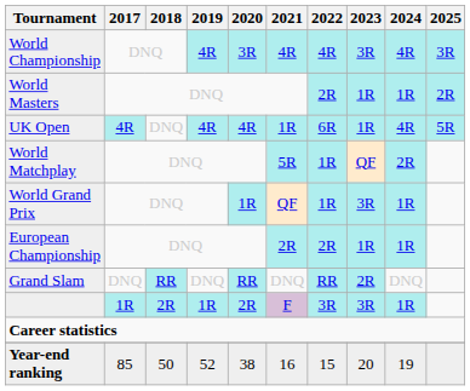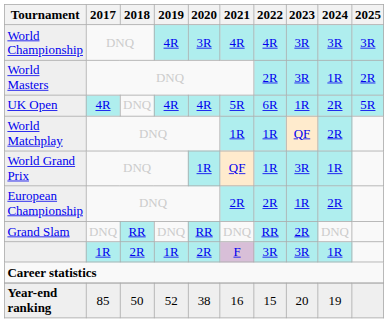 <table class="wikitable" style="width:30%">
 <tr>
 <th>Tournament</th>
 <th>2017</th>
 <th>2018</th>
 <th>2019</th>
 <th>2020</th>
 <th>2021</th>
 <th>2022</th>
 <th>2023</th>
 <th>2024</th>
 <th>2025</th>
 </tr>
 <tr>
 <td style="background:#efefef;"><a href='#'>World Championship</a></td>
 <td colspan="2" style="text-align:center; color:#ccc;">DNQ</td>
 <td style="text-align:center; background:#afeeee;"><a href='#'>4R</a></td>
 <td style="text-align:center; background:#afeeee;"><a href='#'>3R</a></td>
 <td style="text-align:center; background:#afeeee;"><a href='#'>4R</a></td>
 <td style="text-align:center; background:#afeeee;"><a href='#'>4R</a></td>
 <td style="text-align:center; background:#afeeee;"><a href='#'>3R</a></td>
-<td style="text-align:center; background:#afeeee;"><a href='#'>4R</a></td>
+<td style="text-align:center; background:#afeeee;"><a href='#'>3R</a></td>
 <td style="text-align:center; background:#afeeee;"><a href='#'>3R</a></td>
 </tr>
 <tr>
 <td style="background:#efefef;"><a href='#'>World Masters</a></td>
 <td colspan="5" style="text-align:center; color:#ccc;">DNQ</td>
 <td style="text-align:center; background:#afeeee;"><a href='#'>2R</a></td>
-<td style="text-align:center; background:#afeeee;"><a href='#'>1R</a></td>
+<td style="text-align:center; background:#afeeee;"><a href='#'>3R</a></td>
 <td style="text-align:center; background:#afeeee;"><a href='#'>1R</a></td>
 <td style="text-align:center; background:#afeeee;"><a href='#'>2R</a></td>
 </tr>
 <tr>
 <td style="background:#efefef;"><a href='#'>UK Open</a></td>
 <td style="text-align:center; background:#afeeee;"><a href='#'>4R</a></td>
 <td style="text-align:center; color:#ccc;">DNQ</td>
 <td style="text-align:center; background:#afeeee;"><a href='#'>4R</a></td>
 <td style="text-align:center; background:#afeeee;"><a href='#'>4R</a></td>
-<td style="text-align:center; background:#afeeee;"><a href='#'>1R</a></td>
+<td style="text-align:center; background:#afeeee;"><a href='#'>5R</a></td>
 <td style="text-align:center; background:#afeeee;"><a href='#'>6R</a></td>
 <td style="text-align:center; background:#afeeee;"><a href='#'>1R</a></td>
-<td style="text-align:center; background:#afeeee;"><a href='#'>4R</a></td>
+<td style="text-align:center; background:#afeeee;"><a href='#'>2R</a></td>
 <td style="text-align:center; background:#afeeee;"><a href='#'>5R</a></td>
 </tr>
 <tr>
 <td style="background:#efefef;"><a href='#'>World Matchplay</a></td>
 <td colspan="4" style="text-align:center; color:#ccc;">DNQ</td>
-<td style="text-align:center; background:#afeeee;"><a href='#'>5R</a></td>
+<td style="text-align:center; background:#afeeee;"><a href='#'>1R</a></td>
 <td style="text-align:center; background:#afeeee;"><a href='#'>1R</a></td>
 <td style="text-align:center; background:#ffebcd;"><a href='#'>QF</a></td>
 <td style="text-align:center; background:#afeeee;"><a href='#'>2R</a></td>
 <td></td>
 </tr>
 <tr>
 <td style="background:#efefef;"><a href='#'>World Grand Prix</a></td>
 <td colspan="3" style="text-align:center; color:#ccc;">DNQ</td>
 <td style="text-align:center; background:#afeeee;"><a href='#'>1R</a></td>
 <td style="text-align:center; background:#ffebcd;"><a href='#'>QF</a></td>
 <td style="text-align:center; background:#afeeee;"><a href='#'>1R</a></td>
 <td style="text-align:center; background:#afeeee;"><a href='#'>3R</a></td>
 <td style="text-align:center; background:#afeeee;"><a href='#'>1R</a></td>
 <td></td>
 </tr>
 <tr>
 <td style="background:#efefef;"><a href='#'>European Championship</a></td>
 <td colspan="4" style="text-align:center; color:#ccc;">DNQ</td>
 <td style="text-align:center; background:#afeeee;"><a href='#'>2R</a></td>
 <td style="text-align:center; background:#afeeee;"><a href='#'>2R</a></td>
 <td style="text-align:center; background:#afeeee;"><a href='#'>1R</a></td>
-<td style="text-align:center; background:#afeeee;"><a href='#'>1R</a></td>
+<td style="text-align:center; background:#afeeee;"><a href='#'>2R</a></td>
 <td></td>
 </tr>
 <tr>
 <td style="background:#efefef;"><a href='#'>Grand Slam</a></td>
 <td style="text-align:center; color:#ccc;">DNQ</td>
 <td style="text-align:center; background:#afeeee;"><a href='#'>RR</a></td>
 <td style="text-align:center; color:#ccc;">DNQ</td>
 <td style="text-align:center; background:#afeeee;"><a href='#'>RR</a></td>
 <td style="text-align:center; color:#ccc;">DNQ</td>
 <td style="text-align:center; background:#afeeee;"><a href='#'>RR</a></td>
 <td style="text-align:center; background:#afeeee;"><a href='#'>2R</a></td>
 <td style="text-align:center; color:#ccc;">DNQ</td>
 <td></td>
 </tr>
 <tr>
 <td style="background:#efefef;"></td>
 <td style="text-align:center; background:#afeeee;"><a href='#'>1R</a></td>
 <td style="text-align:center; background:#afeeee;"><a href='#'>2R</a></td>
 <td style="text-align:center; background:#afeeee;"><a href='#'>1R</a></td>
 <td style="text-align:center; background:#afeeee;"><a href='#'>2R</a></td>
 <td style="text-align:center; background:thistle;"><a href='#'>F</a></td>
 <td style="text-align:center; background:#afeeee;"><a href='#'>3R</a></td>
 <td style="text-align:center; background:#afeeee;"><a href='#'>3R</a></td>
 <td style="text-align:center; background:#afeeee;"><a href='#'>1R</a></td>
 <td></td>
 </tr>
 <tr>
 <td colspan="13" align="left"><strong>Career statistics</strong></td>
 </tr>
 <tr>
 </tr>
 <tr bgcolor="efefef">
 <td align="left"><strong>Year-end ranking</strong></td>
 <td style="text-align:center;">85</td>
 <td style="text-align:center;">50</td>
 <td style="text-align:center;">52</td>
 <td style="text-align:center;">38</td>
 <td style="text-align:center;">16</td>
 <td style="text-align:center;">15</td>
 <td style="text-align:center;">20</td>
 <td style="text-align:center;">19</td>
 <td></td>
 </tr>
 </table>
